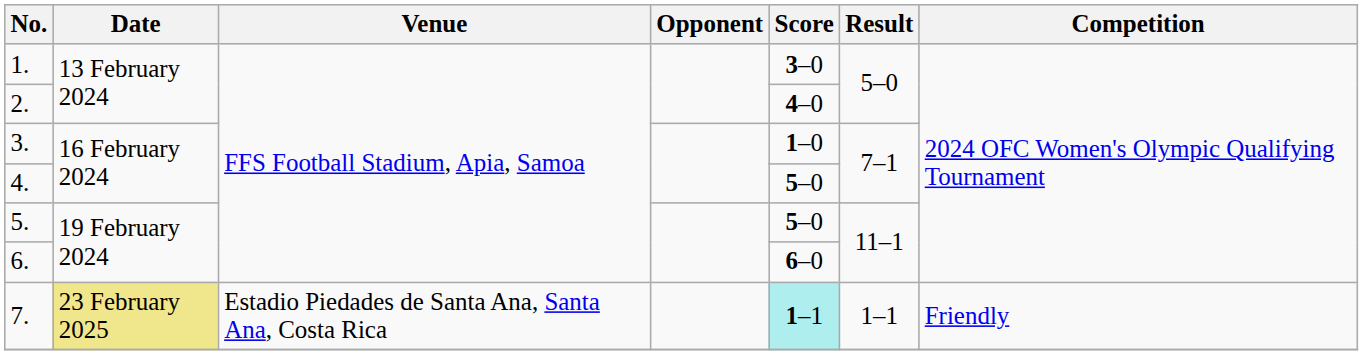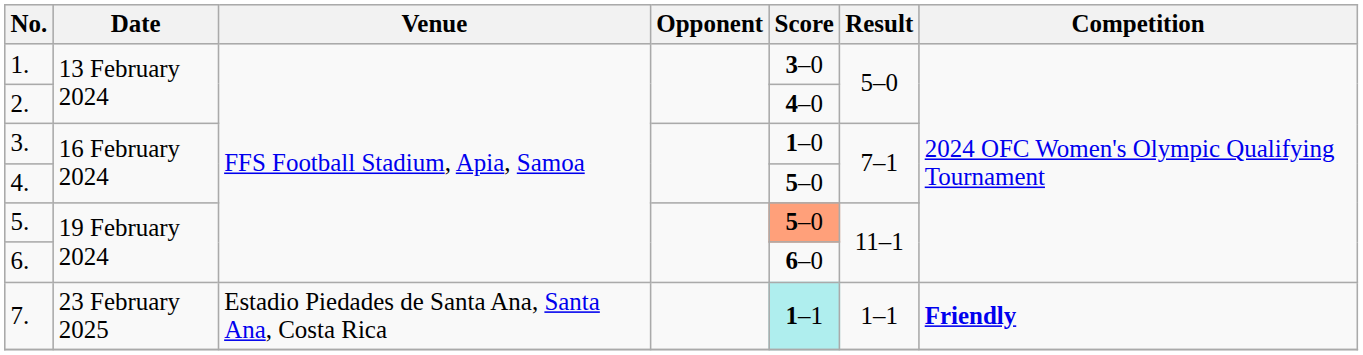 <table class="wikitable">
 <tr>
 <th>No.</th>
 <th>Date</th>
 <th>Venue</th>
 <th>Opponent</th>
 <th>Score</th>
 <th>Result</th>
 <th>Competition</th>
 </tr>
 <tr>
 <td>1.</td>
 <td rowspan=2>13 February 2024</td>
 <td rowspan=6><a href='#'>FFS Football Stadium</a>, <a href='#'>Apia</a>, <a href='#'>Samoa</a></td>
 <td rowspan=2></td>
 <td align=center><strong>3</strong>–0</td>
 <td rowspan=2 align=center>5–0</td>
 <td rowspan=6><a href='#'>2024 OFC Women's Olympic Qualifying Tournament</a></td>
 </tr>
 <tr>
 <td>2.</td>
 <td align=center><strong>4</strong>–0</td>
 </tr>
 <tr>
 <td>3.</td>
 <td rowspan=2>16 February 2024</td>
 <td rowspan=2></td>
 <td align=center><strong>1</strong>–0</td>
 <td rowspan=2 align=center>7–1</td>
 </tr>
 <tr>
 <td>4.</td>
 <td align=center><strong>5</strong>–0</td>
 </tr>
 <tr>
 <td>5.</td>
 <td rowspan=2>19 February 2024</td>
 <td rowspan=2></td>
-<td align=center><strong>5</strong>–0</td>
+<td align=center style="background: lightsalmon;"><strong>5</strong>–0</td>
 <td rowspan=2 align=center>11–1</td>
 </tr>
 <tr>
 <td>6.</td>
 <td align=center><strong>6</strong>–0</td>
 </tr>
 <tr>
 <td>7.</td>
-<td style="background: khaki;">23 February 2025</td>
+<td>23 February 2025</td>
 <td>Estadio Piedades de Santa Ana, <a href='#'>Santa Ana</a>, Costa Rica</td>
 <td></td>
 <td align=center style="background: paleturquoise;"><strong>1</strong>–1</td>
 <td align=center>1–1</td>
-<td><a href='#'>Friendly</a></td>
+<td><strong><a href='#'>Friendly</a></strong></td>
 </tr>
 <tr>
 </tr>
 </table>
